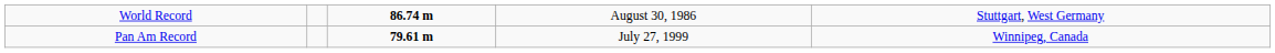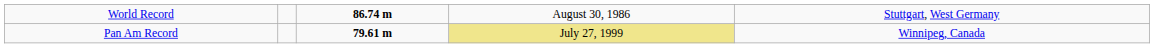 <table class="wikitable" style=" text-align:center; font-size:95%;" width="75%">
 <tr>
 <td><a href='#'>World Record</a></td>
 <td></td>
 <td><strong>86.74 m </strong></td>
 <td>August 30, 1986</td>
 <td> <a href='#'>Stuttgart</a>, <a href='#'>West Germany</a></td>
 </tr>
 <tr>
 <td><a href='#'>Pan Am Record</a></td>
 <td></td>
 <td><strong>79.61 m </strong></td>
-<td>July 27, 1999</td>
+<td style="background: khaki;">July 27, 1999</td>
 <td> <a href='#'>Winnipeg, Canada</a></td>
 </tr>
 </table>
